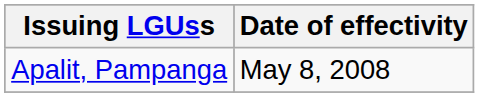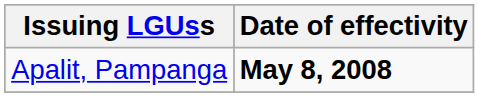 <table class="wikitable">
 <tr>
 <th>Issuing <a href='#'>LGUs</a>s</th>
 <th>Date of effectivity</th>
 </tr>
 <tr>
 <td><a href='#'>Apalit, Pampanga</a></td>
-<td>May 8, 2008</td>
+<td><strong>May 8, 2008</strong></td>
 </tr>
 </table>
